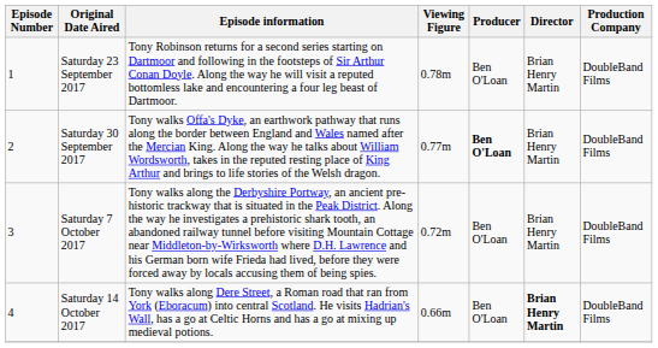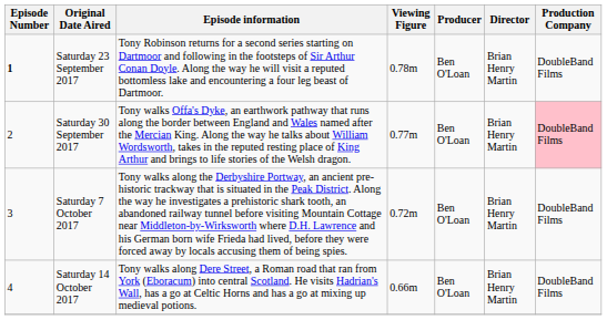 <table class="wikitable sortable">
 <tr>
 <th>Episode Number</th>
 <th>Original Date Aired</th>
 <th>Episode information</th>
 <th>Viewing Figure</th>
 <th>Producer</th>
 <th>Director</th>
 <th>Production Company</th>
 </tr>
 <tr>
-<td>1</td>
+<td><strong>1</strong></td>
 <td>Saturday 23 September 2017</td>
 <td>Tony Robinson returns for a second series starting on <a href='#'>Dartmoor</a> and following in the footsteps of <a href='#'>Sir Arthur Conan Doyle</a>. Along the way he will visit a reputed bottomless lake and encountering a four leg beast of Dartmoor.</td>
 <td>0.78m</td>
 <td>Ben O'Loan</td>
 <td>Brian Henry Martin</td>
 <td>DoubleBand Films</td>
 </tr>
 <tr>
 <td>2</td>
 <td>Saturday 30 September 2017</td>
 <td>Tony walks <a href='#'>Offa's Dyke</a>, an earthwork pathway that runs along the border between England and <a href='#'>Wales</a> named after the <a href='#'>Mercian</a> King. Along the way he talks about <a href='#'>William Wordsworth</a>, takes in the reputed resting place of <a href='#'>King Arthur</a> and brings to life stories of the Welsh dragon.</td>
 <td>0.77m</td>
-<td><strong>Ben O'Loan</strong></td>
+<td>Ben O'Loan</td>
 <td>Brian Henry Martin</td>
-<td>DoubleBand Films</td>
+<td style="background: pink;">DoubleBand Films</td>
 </tr>
 <tr>
 <td>3</td>
 <td>Saturday 7 October 2017</td>
 <td>Tony walks along the <a href='#'>Derbyshire Portway</a>, an ancient pre-historic trackway that is situated in the <a href='#'>Peak District</a>. Along the way he investigates a prehistoric shark tooth, an abandoned railway tunnel before visiting Mountain Cottage near <a href='#'>Middleton-by-Wirksworth</a> where <a href='#'>D.H. Lawrence</a> and his German born wife Frieda had lived, before they were forced away by locals accusing them of being spies.</td>
 <td>0.72m</td>
 <td>Ben O'Loan</td>
 <td>Brian Henry Martin</td>
 <td>DoubleBand Films</td>
 </tr>
 <tr>
 <td>4</td>
 <td>Saturday 14 October 2017</td>
 <td>Tony walks along <a href='#'>Dere Street</a>, a Roman road that ran from <a href='#'>York</a> (<a href='#'>Eboracum</a>) into central <a href='#'>Scotland</a>. He visits <a href='#'>Hadrian's Wall</a>, has a go at Celtic Horns and has a go at mixing up medieval potions.</td>
 <td>0.66m</td>
 <td>Ben O'Loan</td>
-<td><strong>Brian Henry Martin</strong></td>
+<td>Brian Henry Martin</td>
 <td>DoubleBand Films</td>
 </tr>
 <tr>
 </tr>
 </table>
